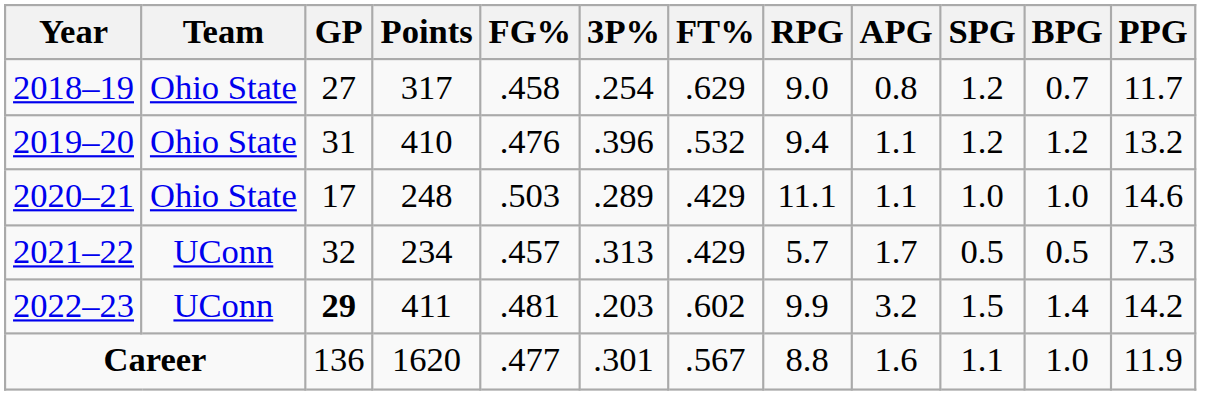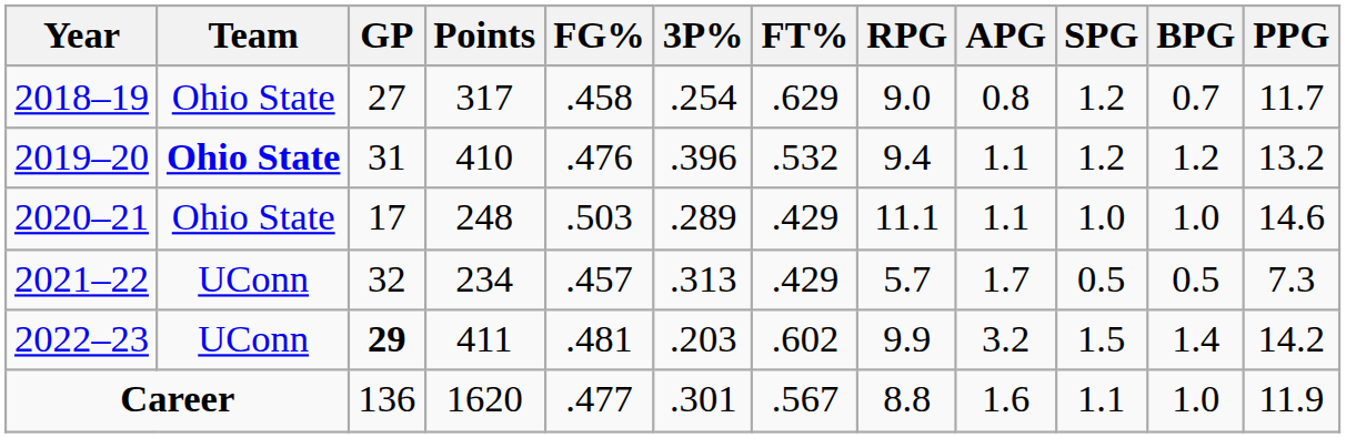 <table class="wikitable"; style="text-align:center";>
 <tr>
 <th>Year</th>
 <th>Team</th>
 <th>GP</th>
 <th>Points</th>
 <th>FG%</th>
 <th>3P%</th>
 <th>FT%</th>
 <th>RPG</th>
 <th>APG</th>
 <th>SPG</th>
 <th>BPG</th>
 <th>PPG</th>
 </tr>
 <tr>
 <td><a href='#'>2018–19</a></td>
 <td><a href='#'>Ohio State</a></td>
 <td>27</td>
 <td>317</td>
 <td>.458</td>
 <td>.254</td>
 <td>.629</td>
 <td>9.0</td>
 <td>0.8</td>
 <td>1.2</td>
 <td>0.7</td>
 <td>11.7</td>
 </tr>
 <tr>
 <td><a href='#'>2019–20</a></td>
-<td><a href='#'>Ohio State</a></td>
+<td><strong><a href='#'>Ohio State</a></strong></td>
 <td>31</td>
 <td>410</td>
 <td>.476</td>
 <td>.396</td>
 <td>.532</td>
 <td>9.4</td>
 <td>1.1</td>
 <td>1.2</td>
 <td>1.2</td>
 <td>13.2</td>
 </tr>
 <tr>
 <td><a href='#'>2020–21</a></td>
 <td><a href='#'>Ohio State</a></td>
 <td>17</td>
 <td>248</td>
 <td>.503</td>
 <td>.289</td>
 <td>.429</td>
 <td>11.1</td>
 <td>1.1</td>
 <td>1.0</td>
 <td>1.0</td>
 <td>14.6</td>
 </tr>
 <tr>
 <td><a href='#'>2021–22</a></td>
 <td><a href='#'>UConn</a></td>
 <td>32</td>
 <td>234</td>
 <td>.457</td>
 <td>.313</td>
 <td>.429</td>
 <td>5.7</td>
 <td>1.7</td>
 <td>0.5</td>
 <td>0.5</td>
 <td>7.3</td>
 </tr>
 <tr>
 <td><a href='#'>2022–23</a></td>
 <td><a href='#'>UConn</a></td>
 <td><strong>29</strong></td>
 <td>411</td>
 <td>.481</td>
 <td>.203</td>
 <td>.602</td>
 <td>9.9</td>
 <td>3.2</td>
 <td>1.5</td>
 <td>1.4</td>
 <td>14.2</td>
 </tr>
 <tr class="sortbottom">
 <td colspan=2; align=center><strong>Career</strong></td>
 <td>136</td>
 <td>1620</td>
 <td>.477</td>
 <td>.301</td>
 <td>.567</td>
 <td>8.8</td>
 <td>1.6</td>
 <td>1.1</td>
 <td>1.0</td>
 <td>11.9</td>
 </tr>
 </table>
